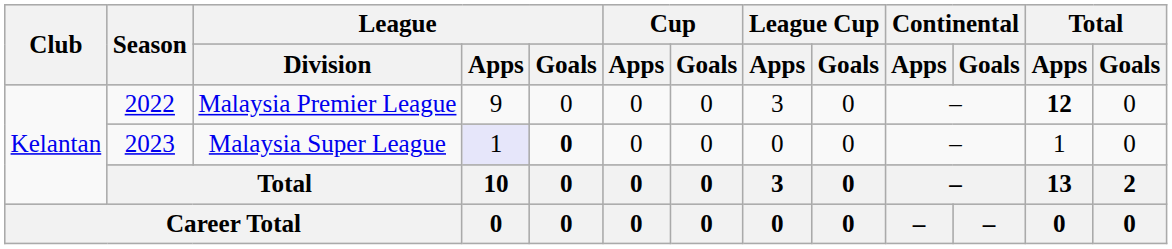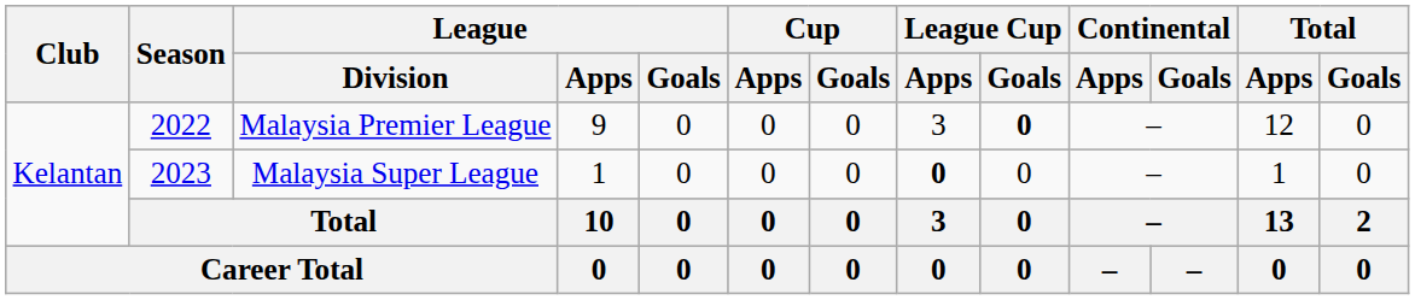 <table class=wikitable style="text-align:center">
 <tr>
 <th rowspan=2>Club</th>
 <th rowspan=2>Season</th>
 <th colspan=3>League</th>
 <th colspan=2>Cup</th>
 <th colspan=2>League Cup</th>
 <th colspan=2>Continental</th>
 <th colspan=2>Total</th>
 </tr>
 <tr>
 <th>Division</th>
 <th>Apps</th>
 <th>Goals</th>
 <th>Apps</th>
 <th>Goals</th>
 <th>Apps</th>
 <th>Goals</th>
 <th>Apps</th>
 <th>Goals</th>
 <th>Apps</th>
 <th>Goals</th>
 </tr>
 <tr>
 <td rowspan="3"><a href='#'>Kelantan</a></td>
 <td><a href='#'>2022</a></td>
 <td><a href='#'>Malaysia Premier League</a></td>
 <td>9</td>
 <td>0</td>
 <td>0</td>
 <td>0</td>
 <td>3</td>
-<td>0</td>
+<td><strong>0</strong></td>
 <td colspan=2>–</td>
-<td><strong>12</strong></td>
+<td>12</td>
 <td>0</td>
 </tr>
 <tr>
 <td><a href='#'>2023</a></td>
 <td><a href='#'>Malaysia Super League</a></td>
-<td style="background: lavender;">1</td>
-<td><strong>0</strong></td>
+<td>1</td>
 <td>0</td>
 <td>0</td>
 <td>0</td>
+<td><strong>0</strong></td>
 <td>0</td>
 <td colspan=2>–</td>
 <td>1</td>
 <td>0</td>
 </tr>
 <tr>
 <th colspan="2">Total</th>
 <th>10</th>
 <th>0</th>
 <th>0</th>
 <th>0</th>
 <th>3</th>
 <th>0</th>
 <th colspan=2>–</th>
 <th>13</th>
 <th>2</th>
 </tr>
 <tr>
 <th colspan="3">Career Total</th>
 <th>0</th>
 <th>0</th>
 <th>0</th>
 <th>0</th>
 <th>0</th>
 <th>0</th>
 <th>–</th>
 <th>–</th>
 <th>0</th>
 <th>0</th>
 </tr>
 </table>
